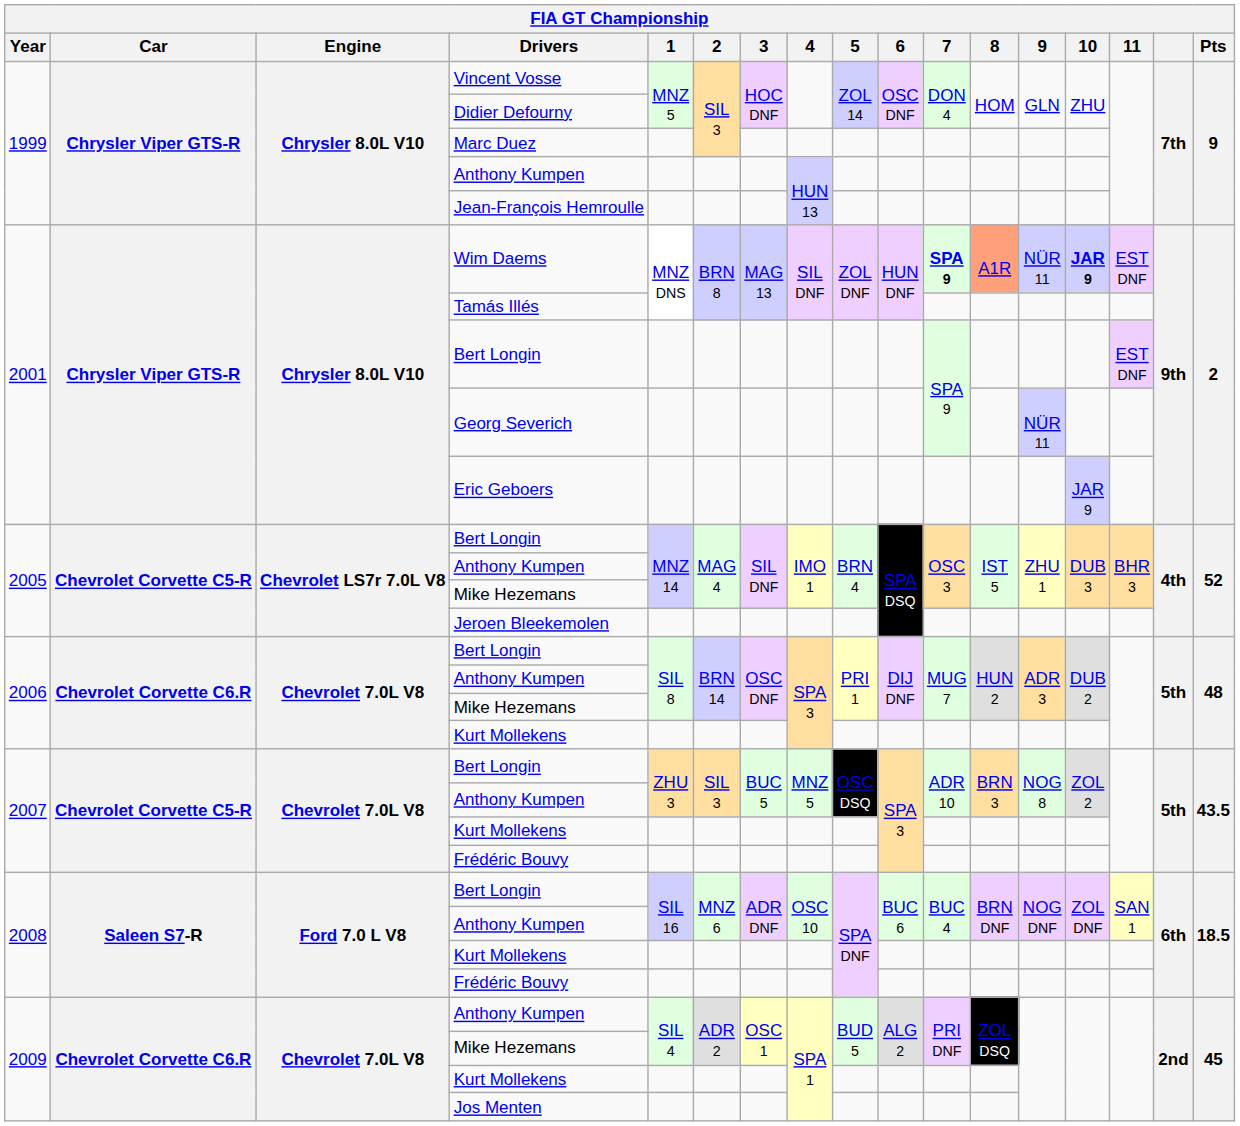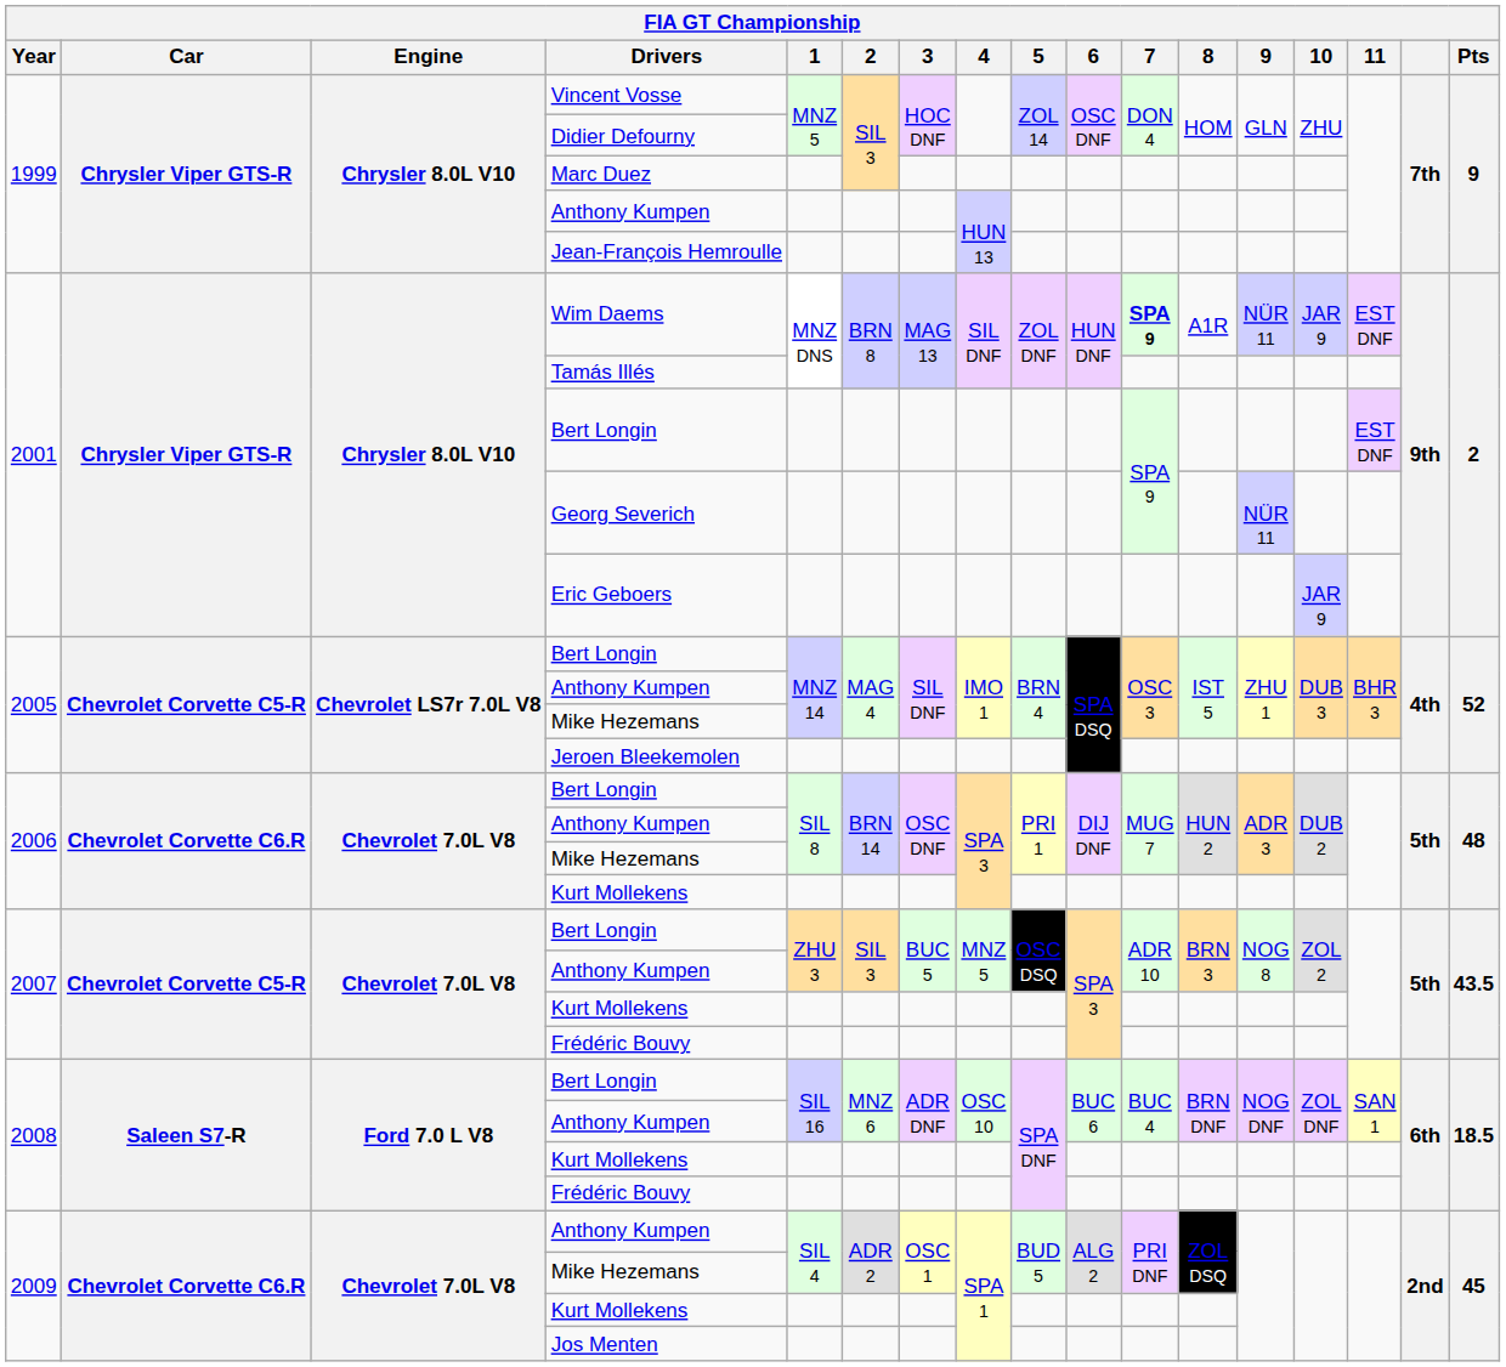 <table class="wikitable collapsible collapsed" style="text-align:center; font-size:75%">
 <tr>
 <th colspan=17><a href='#'>FIA GT Championship</a></th>
 </tr>
 <tr>
 <th>Year</th>
 <th>Car</th>
 <th>Engine</th>
 <th>Drivers</th>
 <th>1</th>
 <th>2</th>
 <th>3</th>
 <th>4</th>
 <th>5</th>
 <th>6</th>
 <th>7</th>
 <th>8</th>
 <th>9</th>
 <th>10</th>
 <th>11</th>
 <th></th>
 <th>Pts</th>
 </tr>
 <tr>
 <td rowspan=5><a href='#'>1999</a></td>
 <th rowspan=5><a href='#'>Chrysler Viper GTS-R</a></th>
 <th rowspan=5><a href='#'>Chrysler</a> 8.0L V10</th>
 <td align="left"> <a href='#'>Vincent Vosse</a></td>
 <td style="background-color:#dfffdf" rowspan=2> <br> <a href='#'>MNZ</a> <br><small>5</small></td>
 <td style="background-color:#ffdf9f" rowspan=3> <br> <a href='#'>SIL</a> <br><small>3</small></td>
 <td style="background-color:#efcfff" rowspan=2> <br> <a href='#'>HOC</a> <br><small>DNF</small></td>
 <td rowspan=2></td>
 <td style="background-color:#cfcfff" rowspan=2> <br> <a href='#'>ZOL</a><br><small>14</small></td>
 <td style="background-color:#efcfff" rowspan=2> <br> <a href='#'>OSC</a> <br><small>DNF</small></td>
 <td style="background-color:#dfffdf" rowspan=2> <br> <a href='#'>DON</a> <br><small>4</small></td>
 <td rowspan=2> <br> <a href='#'>HOM</a></td>
 <td rowspan=2> <br> <a href='#'>GLN</a></td>
 <td rowspan=2> <br> <a href='#'>ZHU</a></td>
 <td rowspan=5></td>
 <th rowspan=5>7th</th>
 <th rowspan=5>9</th>
 </tr>
 <tr>
 <td align="left"> <a href='#'>Didier Defourny</a></td>
 </tr>
 <tr>
 <td align="left"> <a href='#'>Marc Duez</a></td>
 <td></td>
 <td></td>
 <td></td>
 <td></td>
 <td></td>
 <td></td>
 <td></td>
 <td></td>
 <td></td>
 </tr>
 <tr>
 <td align="left"> <a href='#'>Anthony Kumpen</a></td>
 <td></td>
 <td></td>
 <td></td>
 <td style="background-color:#cfcfff" rowspan=2> <br><a href='#'>HUN</a> <br><small>13</small></td>
 <td></td>
 <td></td>
 <td></td>
 <td></td>
 <td></td>
 <td></td>
 </tr>
 <tr>
 <td align="left"> <a href='#'>Jean-François Hemroulle</a></td>
 <td></td>
 <td></td>
 <td></td>
 <td></td>
 <td></td>
 <td></td>
 <td></td>
 <td></td>
 <td></td>
 </tr>
 <tr>
 <td rowspan=5><a href='#'>2001</a></td>
 <th rowspan=5><a href='#'>Chrysler Viper GTS-R</a></th>
 <th rowspan=5><a href='#'>Chrysler</a> 8.0L V10</th>
 <td align="left"> <a href='#'>Wim Daems</a></td>
 <td rowspan=2 style="background-color:#ffffff"> <br> <a href='#'>MNZ</a><br><small>DNS</small></td>
 <td rowspan=2 style="background-color:#cfcfff"> <br> <a href='#'>BRN</a><br><small>8</small></td>
 <td rowspan=2 style="background-color:#cfcfff"> <br> <a href='#'>MAG</a><br><small>13</small></td>
 <td rowspan=2 style="background-color:#efcfff"> <br> <a href='#'>SIL</a><br><small>DNF</small></td>
 <td rowspan=2 style="background-color:#efcfff"> <br> <a href='#'>ZOL</a><br><small>DNF</small></td>
 <td rowspan=2 style="background-color:#efcfff"> <br> <a href='#'>HUN</a><br><small>DNF</small></td>
 <td style="background-color:#dfffdf"><strong> <br> <a href='#'>SPA</a><br><small>9</small></strong></td>
-<td style="background: lightsalmon;"> <br> <a href='#'>A1R</a></td>
+<td> <br> <a href='#'>A1R</a></td>
 <td style="background-color:#cfcfff"> <br> <a href='#'>NÜR</a><br><small>11</small></td>
-<td style="background-color:#cfcfff"><strong> <br> <a href='#'>JAR</a><br><small>9</small></strong></td>
+<td style="background-color:#cfcfff"> <br> <a href='#'>JAR</a><br><small>9</small></td>
 <td style="background-color:#efcfff"> <br> <a href='#'>EST</a><br><small>DNF</small></td>
 <th rowspan=5>9th</th>
 <th rowspan=5>2</th>
 </tr>
 <tr>
 <td align="left"> <a href='#'>Tamás Illés</a></td>
 <td></td>
 <td></td>
 <td></td>
 <td></td>
 <td></td>
 </tr>
 <tr>
 <td align="left"> <a href='#'>Bert Longin</a></td>
 <td></td>
 <td></td>
 <td></td>
 <td></td>
 <td></td>
 <td></td>
 <td rowspan=2 style="background-color:#dfffdf"> <br> <a href='#'>SPA</a><br><small>9</small></td>
 <td></td>
 <td></td>
 <td></td>
 <td style="background-color:#efcfff"> <br> <a href='#'>EST</a><br><small>DNF</small></td>
 </tr>
 <tr>
 <td align="left"> <a href='#'>Georg Severich</a></td>
 <td></td>
 <td></td>
 <td></td>
 <td></td>
 <td></td>
 <td></td>
 <td></td>
 <td style="background-color:#cfcfff"> <br> <a href='#'>NÜR</a><br><small>11</small></td>
 <td></td>
 <td></td>
 </tr>
 <tr>
 <td align="left"> <a href='#'>Eric Geboers</a></td>
 <td></td>
 <td></td>
 <td></td>
 <td></td>
 <td></td>
 <td></td>
 <td></td>
 <td></td>
 <td></td>
 <td style="background-color:#cfcfff"> <br> <a href='#'>JAR</a><br><small>9</small></td>
 <td></td>
 </tr>
 <tr>
 <td rowspan=4><a href='#'>2005</a></td>
 <th rowspan=4><a href='#'>Chevrolet Corvette C5-R</a></th>
 <th rowspan=4><a href='#'>Chevrolet</a> LS7r 7.0L V8</th>
 <td align="left"> <a href='#'>Bert Longin</a></td>
 <td style="background-color:#cfcfff" rowspan=3> <br> <a href='#'>MNZ</a><br><small>14</small></td>
 <td style="background-color:#dfffdf" rowspan=3> <br> <a href='#'>MAG</a><br><small>4</small></td>
 <td style="background-color:#efcfff" rowspan=3> <br> <a href='#'>SIL</a><br><small>DNF</small></td>
 <td style="background-color:#ffffbf" rowspan=3> <br> <a href='#'>IMO</a><br><small>1</small></td>
 <td style="background-color:#dfffdf" rowspan=3> <br> <a href='#'>BRN</a><br><small>4</small></td>
 <td style="background-color:#000000;color:white" rowspan=4> <br> <a href='#'>SPA</a><br><small>DSQ</small></td>
 <td style="background-color:#ffdf9f" rowspan=3> <br> <a href='#'>OSC</a><br><small>3</small></td>
 <td style="background-color:#dfffdf" rowspan=3> <br> <a href='#'>IST</a><br><small>5</small></td>
 <td style="background-color:#ffffbf" rowspan=3> <br> <a href='#'>ZHU</a><br><small>1</small></td>
 <td style="background-color:#ffdf9f" rowspan=3> <br> <a href='#'>DUB</a> <br><small>3</small></td>
 <td style="background-color:#ffdf9f" rowspan=3> <br> <a href='#'>BHR</a><br><small>3</small></td>
 <th rowspan=4>4th</th>
 <th rowspan=4>52</th>
 </tr>
 <tr>
 <td align="left"> <a href='#'>Anthony Kumpen</a></td>
 </tr>
 <tr>
 <td align="left"> Mike Hezemans</td>
 </tr>
 <tr>
 <td align="left"> <a href='#'>Jeroen Bleekemolen</a></td>
 <td></td>
 <td></td>
 <td></td>
 <td></td>
 <td></td>
 <td></td>
 <td></td>
 <td></td>
 <td></td>
 <td></td>
 </tr>
 <tr>
 <td rowspan=4><a href='#'>2006</a></td>
 <th rowspan=4><a href='#'>Chevrolet Corvette C6.R</a></th>
 <th rowspan=4><a href='#'>Chevrolet</a> 7.0L V8</th>
 <td align="left"> <a href='#'>Bert Longin</a></td>
 <td rowspan=3 style="background-color:#dfffdf"> <br> <a href='#'>SIL</a><br><small>8</small></td>
 <td rowspan=3 style="background-color:#cfcfff"> <br> <a href='#'>BRN</a><br><small>14</small></td>
 <td rowspan=3 style="background-color:#efcfff"> <br> <a href='#'>OSC</a><br><small>DNF</small></td>
 <td rowspan=4 style="background-color:#ffdf9f"> <br> <a href='#'>SPA</a><br><small>3</small></td>
 <td rowspan=3 style="background-color:#ffffbf"> <br> <a href='#'>PRI</a><br><small>1</small></td>
 <td rowspan=3 style="background-color:#efcfff"> <br> <a href='#'>DIJ</a><br><small>DNF</small></td>
 <td rowspan=3 style="background-color:#dfffdf"> <br> <a href='#'>MUG</a><br><small>7</small></td>
 <td rowspan=3 style="background-color:#dfdfdf"> <br> <a href='#'>HUN</a><br><small>2</small></td>
 <td rowspan=3 style="background-color:#ffdf9f"> <br> <a href='#'>ADR</a><br><small>3</small></td>
 <td rowspan=3 style="background-color:#dfdfdf"> <br> <a href='#'>DUB</a><br><small>2</small></td>
 <td rowspan=4></td>
 <th rowspan=4>5th</th>
 <th rowspan=4>48</th>
 </tr>
 <tr>
 <td align="left"> <a href='#'>Anthony Kumpen</a></td>
 </tr>
 <tr>
 <td align="left"> Mike Hezemans</td>
 </tr>
 <tr>
 <td align="left"> <a href='#'>Kurt Mollekens</a></td>
 <td></td>
 <td></td>
 <td></td>
 <td></td>
 <td></td>
 <td></td>
 <td></td>
 <td></td>
 <td></td>
 </tr>
 <tr>
 <td rowspan=4><a href='#'>2007</a></td>
 <th rowspan=4><a href='#'>Chevrolet Corvette C5-R</a></th>
 <th rowspan=4><a href='#'>Chevrolet</a> 7.0L V8</th>
 <td align="left"> <a href='#'>Bert Longin</a></td>
 <td rowspan=2 style="background-color:#ffdf9f"> <br> <a href='#'>ZHU</a><br><small>3</small></td>
 <td rowspan=2 style="background-color:#ffdf9f"> <br> <a href='#'>SIL</a><br><small>3</small></td>
 <td rowspan=2 style="background-color:#dfffdf"> <br> <a href='#'>BUC</a><br><small>5</small></td>
 <td rowspan=2 style="background-color:#dfffdf"> <br> <a href='#'>MNZ</a><br><small>5</small></td>
 <td rowspan=2 style="background-color:#000000;color:white"> <br> <a href='#'>OSC</a><br><small>DSQ</small></td>
 <td rowspan=4 style="background-color:#ffdf9f"> <br> <a href='#'>SPA</a><br><small>3</small></td>
 <td rowspan=2 style="background-color:#dfffdf"> <br> <a href='#'>ADR</a><br><small>10</small></td>
 <td rowspan=2 style="background-color:#ffdf9f"> <br> <a href='#'>BRN</a><br><small>3</small></td>
 <td rowspan=2 style="background-color:#dfffdf"> <br> <a href='#'>NOG</a><br><small>8</small></td>
 <td rowspan=2 style="background-color:#dfdfdf"> <br> <a href='#'>ZOL</a><br><small>2</small></td>
 <td rowspan=4></td>
 <th rowspan=4>5th</th>
 <th rowspan=4>43.5</th>
 </tr>
 <tr>
 <td align="left"> <a href='#'>Anthony Kumpen</a></td>
 </tr>
 <tr>
 <td align="left"> <a href='#'>Kurt Mollekens</a></td>
 <td></td>
 <td></td>
 <td></td>
 <td></td>
 <td></td>
 <td></td>
 <td></td>
 <td></td>
 <td></td>
 </tr>
 <tr>
 <td align="left"> <a href='#'>Frédéric Bouvy</a></td>
 <td></td>
 <td></td>
 <td></td>
 <td></td>
 <td></td>
 <td></td>
 <td></td>
 <td></td>
 <td></td>
 </tr>
 <tr>
 <td rowspan=4><a href='#'>2008</a></td>
 <th rowspan=4><a href='#'>Saleen S7</a>-R</th>
 <th rowspan=4><a href='#'>Ford</a> 7.0 L V8</th>
 <td align="left"> <a href='#'>Bert Longin</a></td>
 <td rowspan=2 style="background-color:#cfcfff"> <br><a href='#'>SIL</a><br><small>16</small></td>
 <td rowspan=2 style="background-color:#dfffdf"> <br><a href='#'>MNZ</a><br><small>6</small></td>
 <td rowspan=2 style="background-color:#efcfff"> <br><a href='#'>ADR</a><br><small>DNF</small></td>
 <td rowspan=2 style="background-color:#dfffdf"> <br><a href='#'>OSC</a><br><small>10</small></td>
 <td rowspan=4 style="background-color:#efcfff"> <br><a href='#'>SPA</a><br><small>DNF</small></td>
 <td rowspan=2 style="background-color:#dfffdf"> <br><a href='#'>BUC</a><br><small>6</small></td>
 <td rowspan=2 style="background-color:#dfffdf"> <br><a href='#'>BUC</a><br><small>4</small></td>
 <td rowspan=2 style="background-color:#efcfff"> <br><a href='#'>BRN</a><br><small>DNF</small></td>
 <td rowspan=2 style="background-color:#efcfff"> <br><a href='#'>NOG</a><br><small>DNF</small></td>
 <td rowspan=2 style="background-color:#efcfff"> <br><a href='#'>ZOL</a><br><small>DNF</small></td>
 <td rowspan=2 style="background-color:#ffffbf"> <br><a href='#'>SAN</a><br><small>1</small></td>
 <th rowspan=4>6th</th>
 <th rowspan=4>18.5</th>
 </tr>
 <tr>
 <td align="left"> <a href='#'>Anthony Kumpen</a></td>
 </tr>
 <tr>
 <td align="left"> <a href='#'>Kurt Mollekens</a></td>
 <td></td>
 <td></td>
 <td></td>
 <td></td>
 <td></td>
 <td></td>
 <td></td>
 <td></td>
 <td></td>
 <td></td>
 </tr>
 <tr>
 <td align="left"> <a href='#'>Frédéric Bouvy</a></td>
 <td></td>
 <td></td>
 <td></td>
 <td></td>
 <td></td>
 <td></td>
 <td></td>
 <td></td>
 <td></td>
 <td></td>
 </tr>
 <tr>
 <td rowspan=4><a href='#'>2009</a></td>
 <th rowspan=4><a href='#'>Chevrolet Corvette C6.R</a></th>
 <th rowspan=4><a href='#'>Chevrolet</a> 7.0L V8</th>
 <td align="left"> <a href='#'>Anthony Kumpen</a></td>
 <td rowspan=2 style="background-color:#dfffdf"> <br><a href='#'>SIL</a><br><small>4</small></td>
 <td rowspan=2 style="background-color:#dfdfdf"> <br><a href='#'>ADR</a><br><small>2</small></td>
 <td rowspan=2 style="background-color:#ffffbf"> <br><a href='#'>OSC</a><br><small>1</small></td>
 <td rowspan=4 style="background-color:#ffffbf"> <br><a href='#'>SPA</a><br><small>1</small></td>
 <td rowspan=2 style="background-color:#dfffdf"> <br><a href='#'>BUD</a><br><small>5</small></td>
 <td rowspan=2 style="background-color:#dfdfdf"> <br><a href='#'>ALG</a><br><small>2</small></td>
 <td rowspan=2 style="background-color:#efcfff"> <br><a href='#'>PRI</a><br><small>DNF</small></td>
 <td rowspan=2 style="background-color:#000000;color:white"> <br><a href='#'>ZOL</a><br><small>DSQ</small></td>
 <td rowspan=4></td>
 <td rowspan=4></td>
 <td rowspan=4></td>
 <th rowspan=4>2nd</th>
 <th rowspan=4>45</th>
 </tr>
 <tr>
 <td align="left"> Mike Hezemans</td>
 </tr>
 <tr>
 <td align="left"> <a href='#'>Kurt Mollekens</a></td>
 <td></td>
 <td></td>
 <td></td>
 <td></td>
 <td></td>
 <td></td>
 <td></td>
 </tr>
 <tr>
 <td align="left"> <a href='#'>Jos Menten</a></td>
 <td></td>
 <td></td>
 <td></td>
 <td></td>
 <td></td>
 <td></td>
 <td></td>
 </tr>
 </table>
